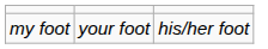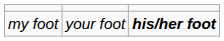 <table class=wikitable>
 <tr>
 <td></td>
 <td></td>
 <td></td>
 </tr>
 <tr>
 <td><em>my foot</em></td>
 <td><em>your foot</em></td>
-<td><em>his/her foot</em></td>
+<td><strong><em>his/her foot</em></strong></td>
 </tr>
 </table>
